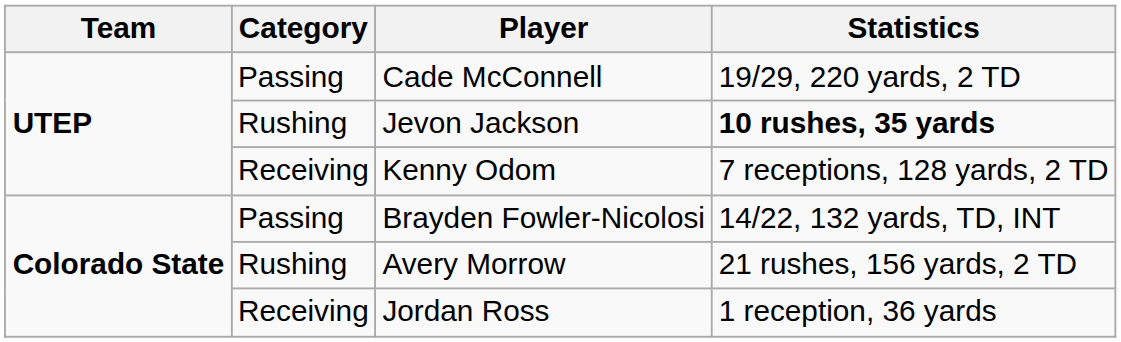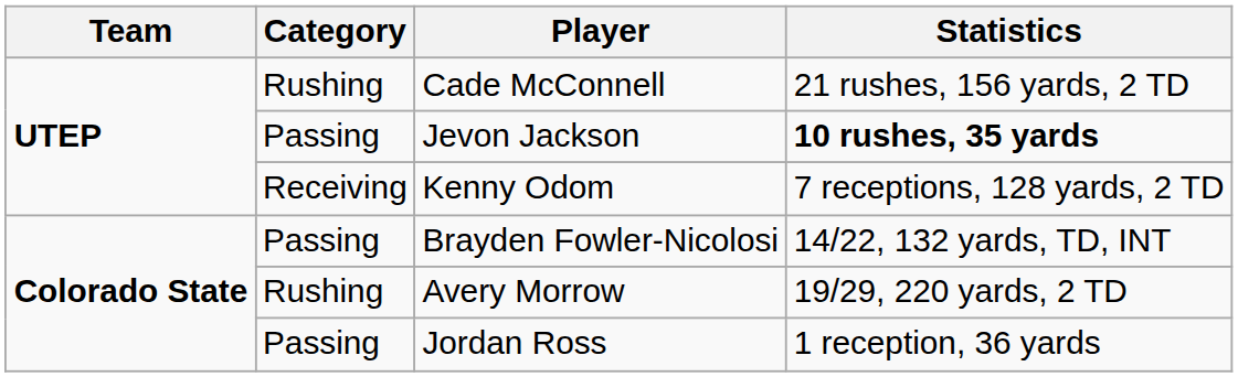 <table class="wikitable" style="float: right;">
 <tr>
 <th>Team</th>
 <th>Category</th>
 <th>Player</th>
 <th>Statistics</th>
 </tr>
 <tr>
 <td rowspan=3><strong>UTEP</strong></td>
-<td>Passing</td>
+<td>Rushing</td>
 <td>Cade McConnell</td>
-<td>19/29, 220 yards, 2 TD</td>
+<td>21 rushes, 156 yards, 2 TD</td>
 </tr>
 <tr>
-<td>Rushing</td>
+<td>Passing</td>
 <td>Jevon Jackson</td>
 <td><strong>10 rushes, 35 yards</strong></td>
 </tr>
 <tr>
 <td>Receiving</td>
 <td>Kenny Odom</td>
 <td>7 receptions, 128 yards, 2 TD</td>
 </tr>
 <tr>
 <td rowspan=3><strong>Colorado State</strong></td>
 <td>Passing</td>
 <td>Brayden Fowler-Nicolosi</td>
 <td>14/22, 132 yards, TD, INT</td>
 </tr>
 <tr>
 <td>Rushing</td>
 <td>Avery Morrow</td>
-<td>21 rushes, 156 yards, 2 TD</td>
+<td>19/29, 220 yards, 2 TD</td>
 </tr>
 <tr>
-<td>Receiving</td>
+<td>Passing</td>
 <td>Jordan Ross</td>
 <td>1 reception, 36 yards</td>
 </tr>
 </table>
